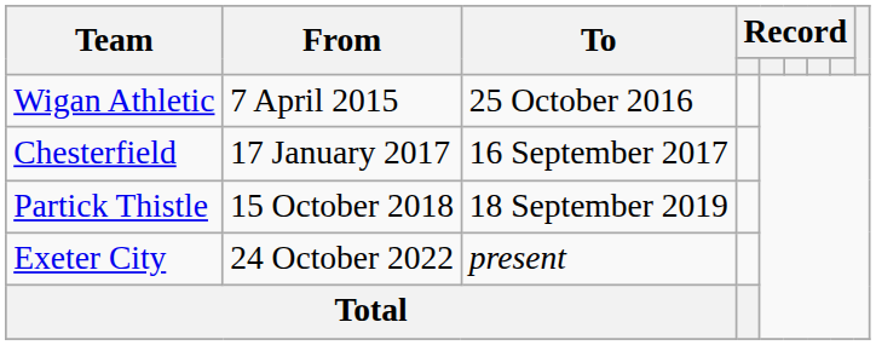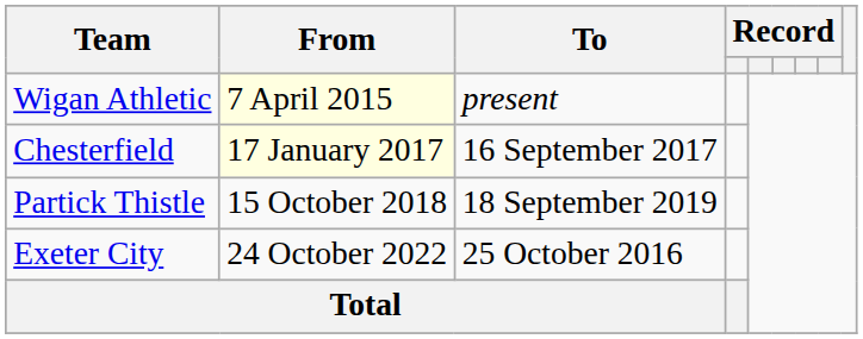 <table class=wikitable style="text-align:center">
 <tr>
 <th rowspan=2>Team</th>
 <th rowspan=2>From</th>
 <th rowspan=2>To</th>
 <th colspan=5>Record</th>
 <th rowspan=2></th>
 </tr>
 <tr>
 <th></th>
 <th></th>
 <th></th>
 <th></th>
 <th></th>
 </tr>
 <tr>
 <td align=left><a href='#'>Wigan Athletic</a></td>
-<td align=left>7 April 2015</td>
-<td align=left>25 October 2016<br></td>
+<td align=left style="background: lightyellow;">7 April 2015</td>
+<td align=left><em>present</em><br></td>
 <td></td>
 </tr>
 <tr>
 <td align=left><a href='#'>Chesterfield</a></td>
-<td align=left>17 January 2017</td>
+<td align=left style="background: lightyellow;">17 January 2017</td>
 <td align=left>16 September 2017<br></td>
 <td></td>
 </tr>
 <tr>
 <td align=left><a href='#'>Partick Thistle</a></td>
 <td align=left>15 October 2018</td>
 <td align=left>18 September 2019<br></td>
 <td></td>
 </tr>
 <tr>
 <td align=left><a href='#'>Exeter City</a></td>
 <td align=left>24 October 2022</td>
-<td align=left><em>present</em><br></td>
+<td align=left>25 October 2016<br></td>
 <td></td>
 </tr>
 <tr>
 <th colspan=3>Total<br></th>
 <th></th>
 </tr>
 </table>
